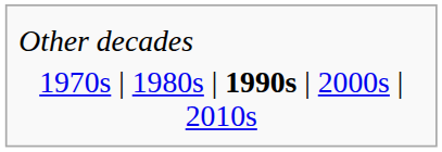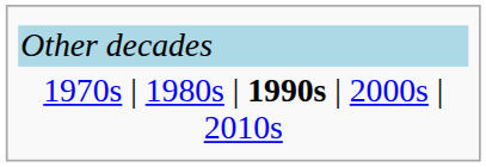 <table class="infobox" width=230>
 <tr>
 <td></td>
 </tr>
 <tr>
-<td><em>Other decades</em></td>
+<td style="background: lightblue;"><em>Other decades</em></td>
 </tr>
 <tr>
 <td align="center"><a href='#'>1970s</a> | <a href='#'>1980s</a> | <strong>1990s</strong> | <a href='#'>2000s</a> | <a href='#'>2010s</a></td>
 </tr>
 </table>
